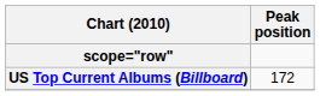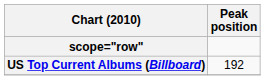 <table class="wikitable sortable plainrowheaders" style="text-align: center;">
 <tr>
 <th scope="col">Chart (2010)</th>
 <th scope="col">Peak<br>position</th>
 </tr>
 <tr>
 <th>scope="row"</th>
 </tr>
 <tr>
 <th scope="row">US <a href='#'>Top Current Albums</a> (<em><a href='#'>Billboard</a></em>)</th>
-<td>172</td>
+<td>192</td>
 </tr>
 <tr>
 </tr>
 </table>
